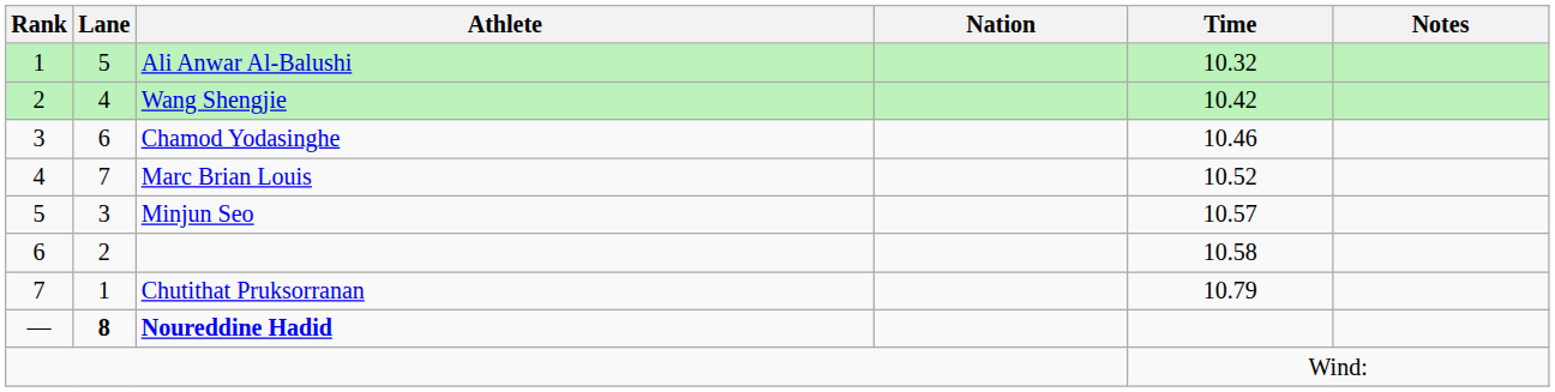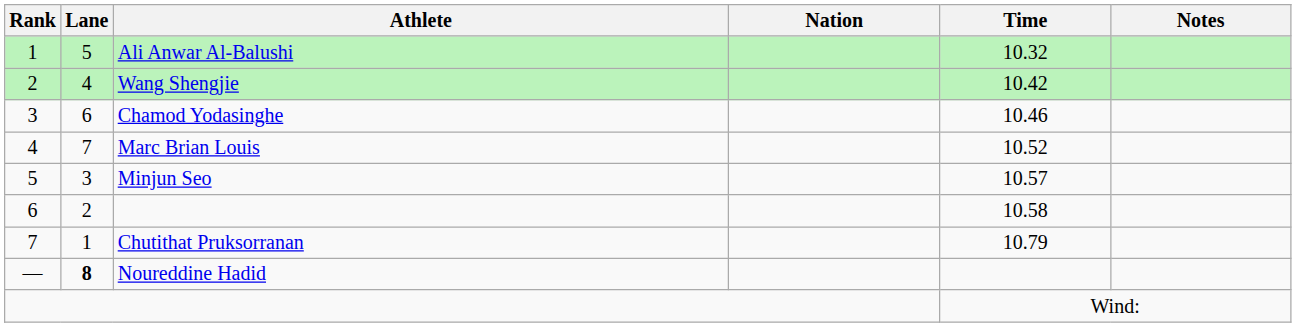 <table class="wikitable sortable" style="text-align:center;width: 65%;">
 <tr>
 <th scope="col" style="width: 10px;">Rank</th>
 <th scope="col" style="width: 10px;">Lane</th>
 <th scope="col">Athlete</th>
 <th scope="col">Nation</th>
 <th scope="col">Time</th>
 <th scope="col">Notes</th>
 </tr>
 <tr bgcolor=bbf3bb>
 <td>1</td>
 <td>5</td>
 <td align="left"><a href='#'>Ali Anwar Al-Balushi</a></td>
 <td align="left"></td>
 <td>10.32</td>
 <td></td>
 </tr>
 <tr bgcolor=bbf3bb>
 <td>2</td>
 <td>4</td>
 <td align="left"><a href='#'>Wang Shengjie</a></td>
 <td align="left"></td>
 <td>10.42</td>
 <td></td>
 </tr>
 <tr>
 <td>3</td>
 <td>6</td>
 <td align="left"><a href='#'>Chamod Yodasinghe</a></td>
 <td align="left"></td>
 <td>10.46</td>
 <td></td>
 </tr>
 <tr>
 <td>4</td>
 <td>7</td>
 <td align="left"><a href='#'>Marc Brian Louis</a></td>
 <td align="left"></td>
 <td>10.52</td>
 <td></td>
 </tr>
 <tr>
 <td>5</td>
 <td>3</td>
 <td align="left"><a href='#'>Minjun Seo</a></td>
 <td align="left"></td>
 <td>10.57</td>
 <td></td>
 </tr>
 <tr>
 <td>6</td>
 <td>2</td>
 <td align="left"></td>
 <td align="left"></td>
 <td>10.58</td>
 <td></td>
 </tr>
 <tr>
 <td>7</td>
 <td>1</td>
 <td align="left"><a href='#'>Chutithat Pruksorranan</a></td>
 <td align="left"></td>
 <td>10.79</td>
 <td></td>
 </tr>
 <tr>
 <td>—</td>
 <td><strong>8</strong></td>
-<td align="left"><strong><a href='#'>Noureddine Hadid</a></strong></td>
+<td align="left"><a href='#'>Noureddine Hadid</a></td>
 <td align="left"></td>
 <td></td>
 <td></td>
 </tr>
 <tr class="sortbottom">
 <td colspan="4"></td>
 <td colspan="2">Wind: </td>
 </tr>
 </table>
